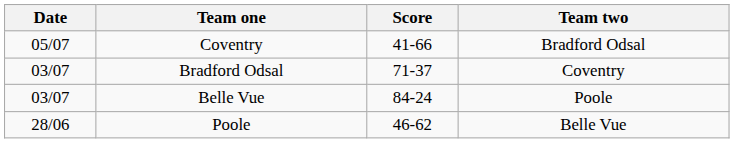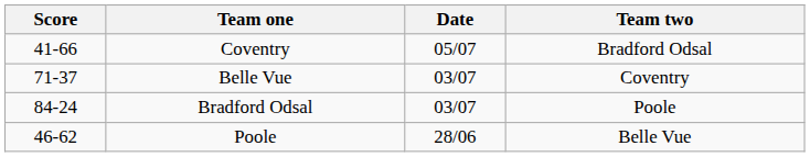 <table class="wikitable" style="text-align: center">
 <tr>
+<th width=80>Score</th>
+<th width=250>Team one</th>
 <th width=80>Date</th>
-<th width=250>Team one</th>
-<th width=80>Score</th>
 <th width=250>Team two</th>
 </tr>
 <tr>
+<td>41-66</td>
+<td>Coventry</td>
 <td>05/07</td>
-<td>Coventry</td>
-<td>41-66</td>
 <td>Bradford Odsal</td>
 </tr>
 <tr>
+<td>71-37</td>
+<td>Belle Vue</td>
 <td>03/07</td>
-<td>Bradford Odsal</td>
-<td>71-37</td>
 <td>Coventry</td>
 </tr>
 <tr>
+<td>84-24</td>
+<td>Bradford Odsal</td>
 <td>03/07</td>
-<td>Belle Vue</td>
-<td>84-24</td>
 <td>Poole</td>
 </tr>
 <tr>
+<td>46-62</td>
+<td>Poole</td>
 <td>28/06</td>
-<td>Poole</td>
-<td>46-62</td>
 <td>Belle Vue</td>
 </tr>
 </table>
